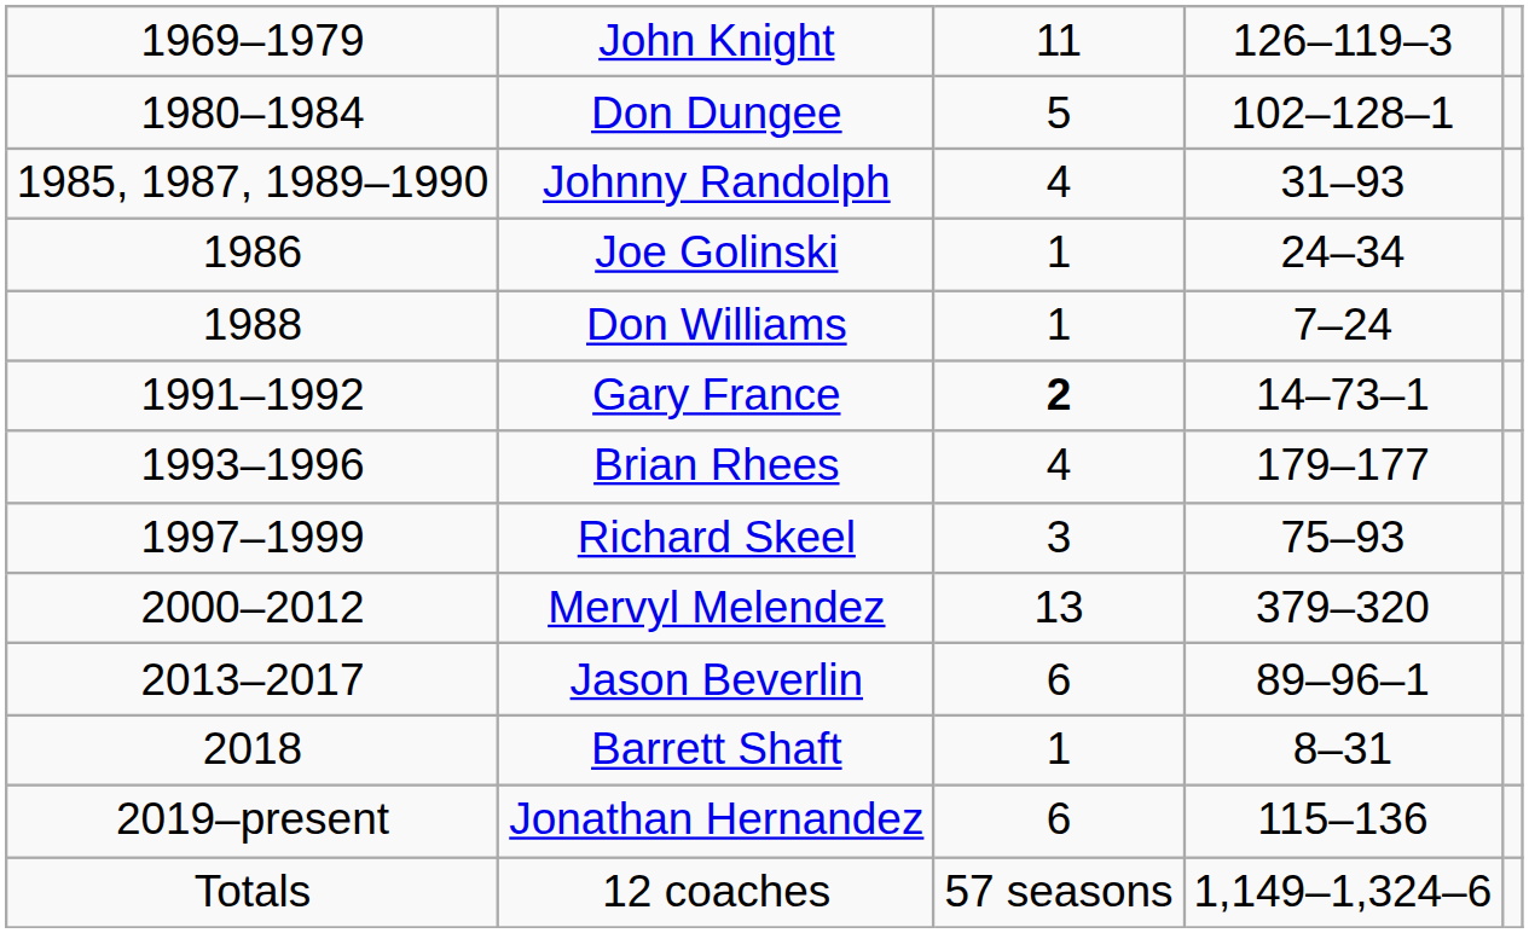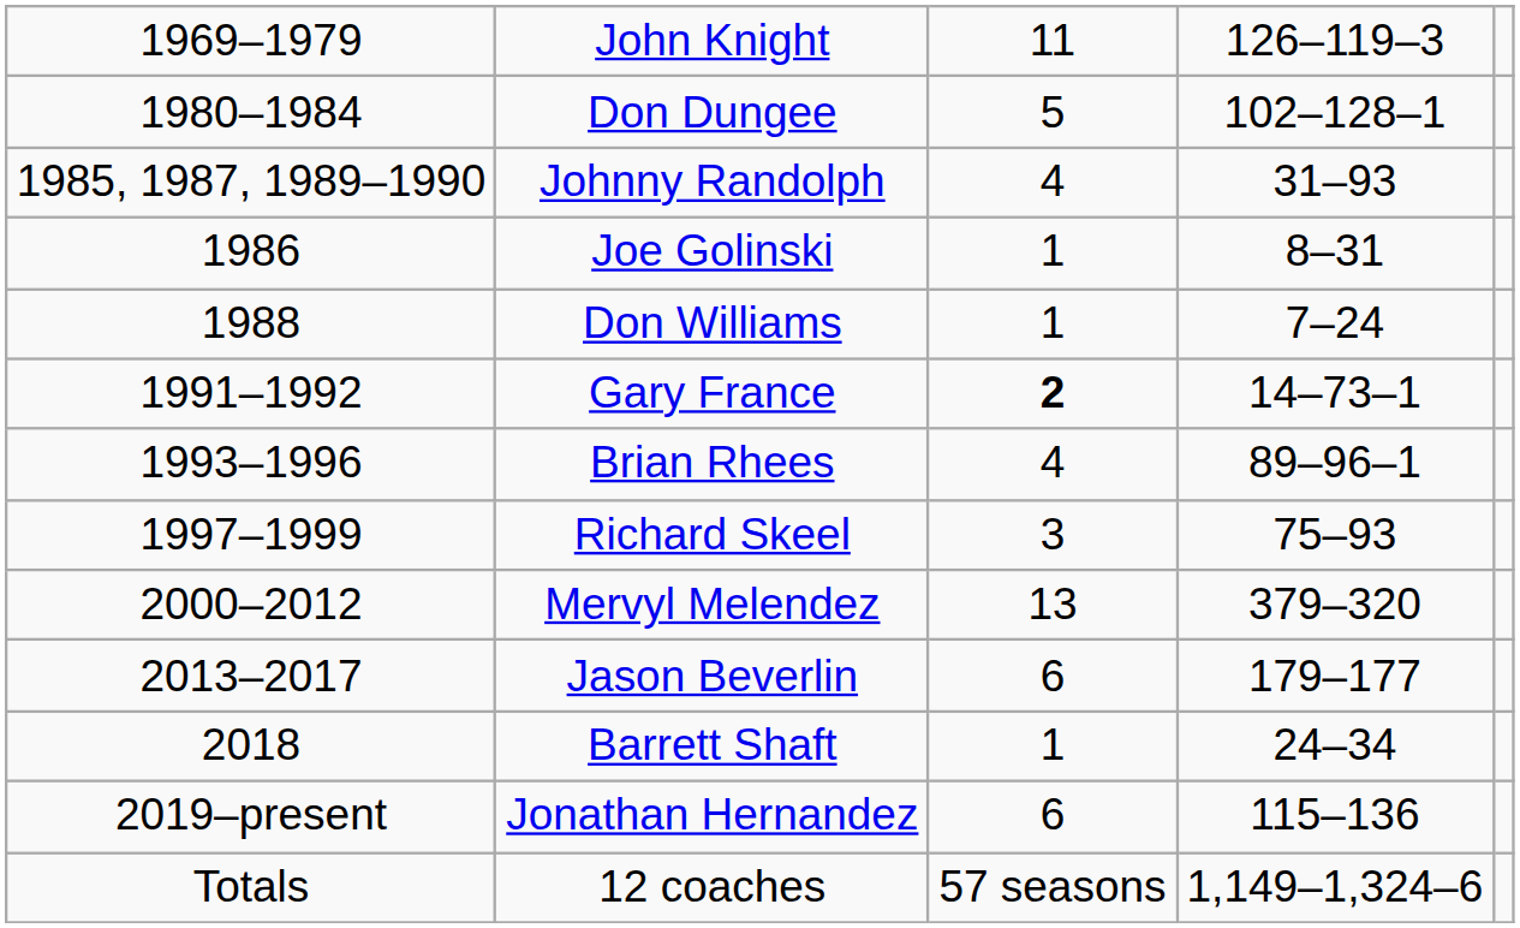 <table class="wikitable" style="text-align:center">
 <tr>
 <td>1969–1979</td>
 <td><a href='#'>John Knight</a></td>
 <td>11</td>
 <td>126–119–3</td>
 <td></td>
 </tr>
 <tr>
 <td>1980–1984</td>
 <td><a href='#'>Don Dungee</a></td>
 <td>5</td>
 <td>102–128–1</td>
 <td></td>
 </tr>
 <tr>
 <td>1985, 1987, 1989–1990</td>
 <td><a href='#'>Johnny Randolph</a></td>
 <td>4</td>
 <td>31–93</td>
 <td></td>
 </tr>
 <tr>
 <td>1986</td>
 <td><a href='#'>Joe Golinski</a></td>
 <td>1</td>
-<td>24–34</td>
+<td>8–31</td>
 <td></td>
 </tr>
 <tr>
 <td>1988</td>
 <td><a href='#'>Don Williams</a></td>
 <td>1</td>
 <td>7–24</td>
 <td></td>
 </tr>
 <tr>
 <td>1991–1992</td>
 <td><a href='#'>Gary France</a></td>
 <td><strong>2</strong></td>
 <td>14–73–1</td>
 <td></td>
 </tr>
 <tr>
 <td>1993–1996</td>
 <td><a href='#'>Brian Rhees</a></td>
 <td>4</td>
-<td>179–177</td>
+<td>89–96–1</td>
 <td></td>
 </tr>
 <tr>
 <td>1997–1999</td>
 <td><a href='#'>Richard Skeel</a></td>
 <td>3</td>
 <td>75–93</td>
 <td></td>
 </tr>
 <tr>
 <td>2000–2012</td>
 <td><a href='#'>Mervyl Melendez</a></td>
 <td>13</td>
 <td>379–320</td>
 <td></td>
 </tr>
 <tr>
 <td>2013–2017</td>
 <td><a href='#'>Jason Beverlin</a></td>
 <td>6</td>
-<td>89–96–1</td>
+<td>179–177</td>
 <td></td>
 </tr>
 <tr>
 <td>2018</td>
 <td><a href='#'>Barrett Shaft</a></td>
 <td>1</td>
-<td>8–31</td>
+<td>24–34</td>
 <td></td>
 </tr>
 <tr>
 <td>2019–present</td>
 <td><a href='#'>Jonathan Hernandez</a></td>
 <td>6</td>
 <td>115–136</td>
 <td></td>
 </tr>
 <tr class="sortbottom">
 <td>Totals</td>
 <td>12 coaches</td>
 <td>57 seasons</td>
 <td>1,149–1,324–6</td>
 <td></td>
 </tr>
 </table>
